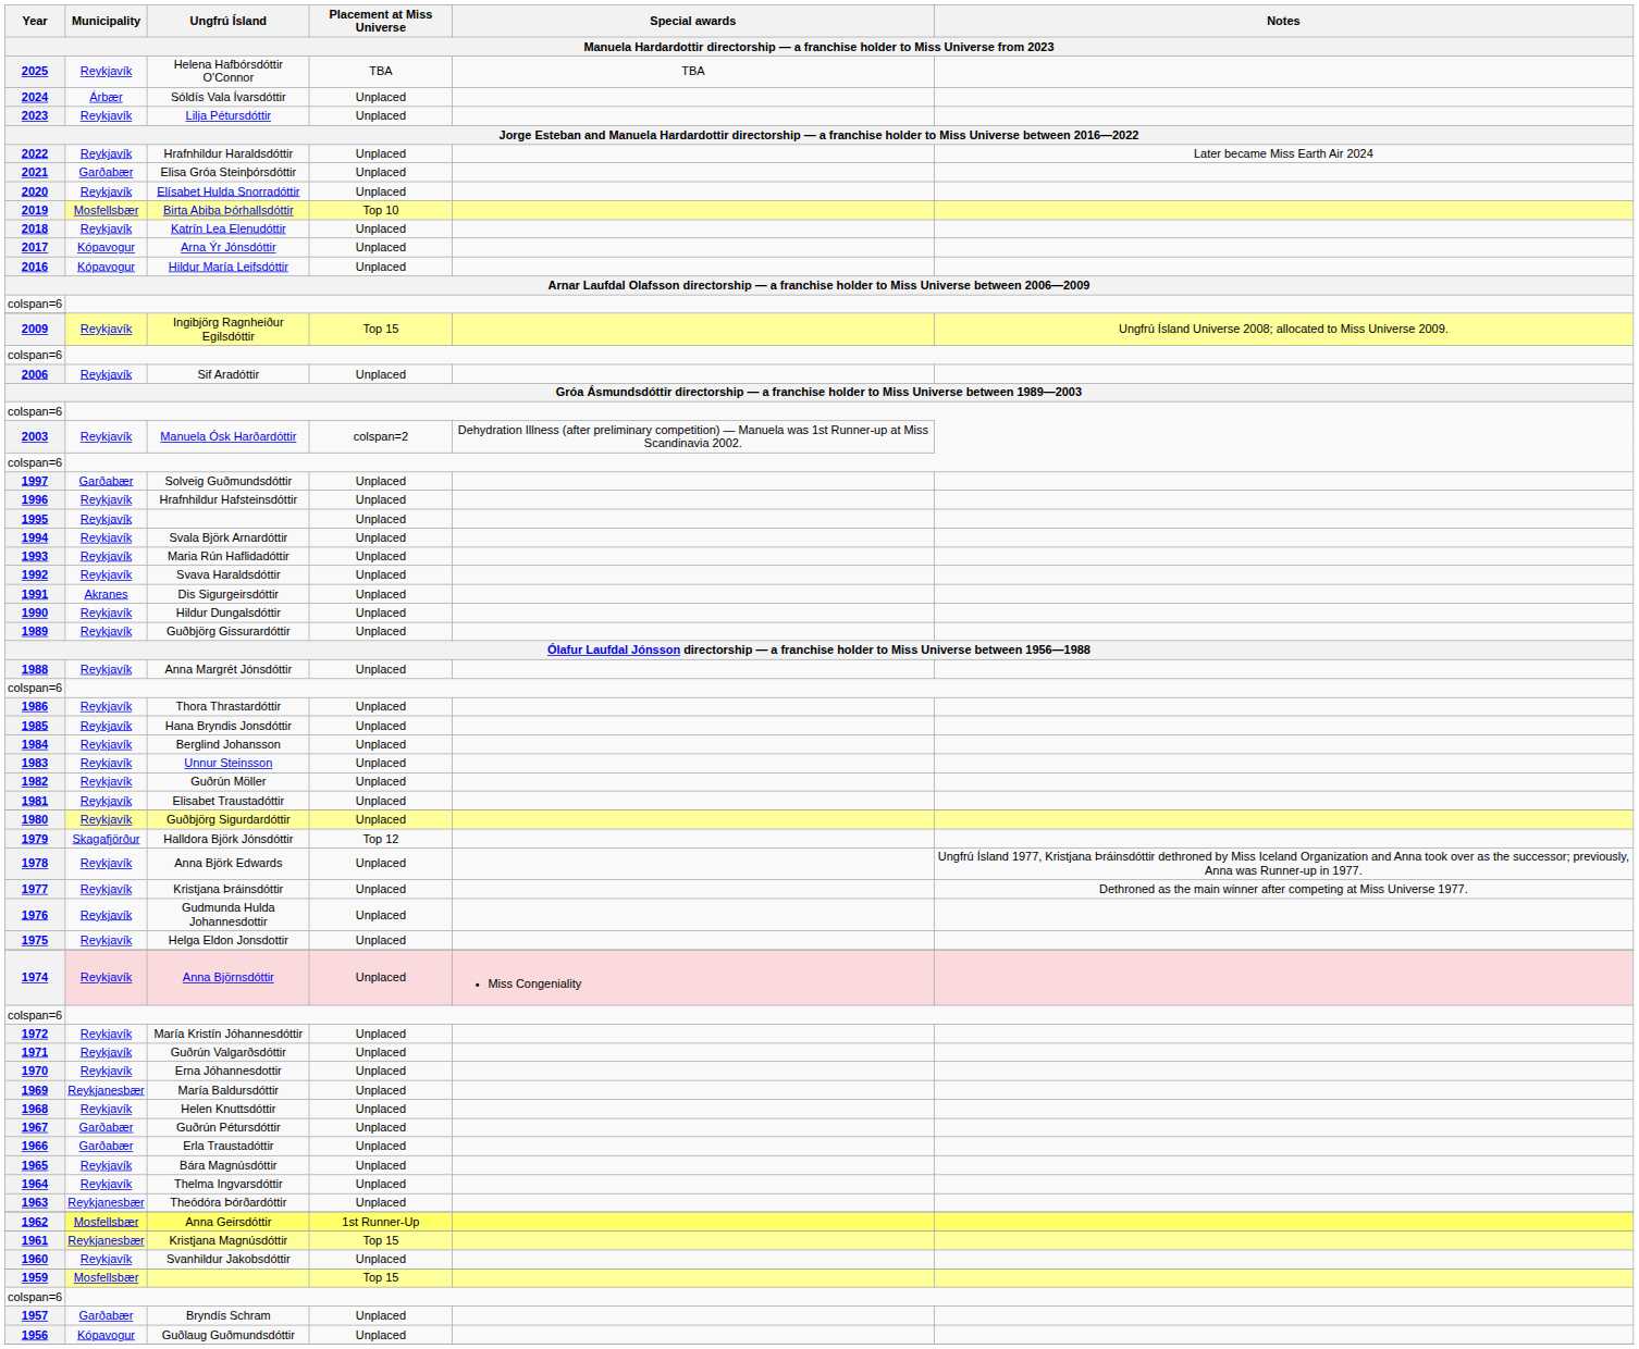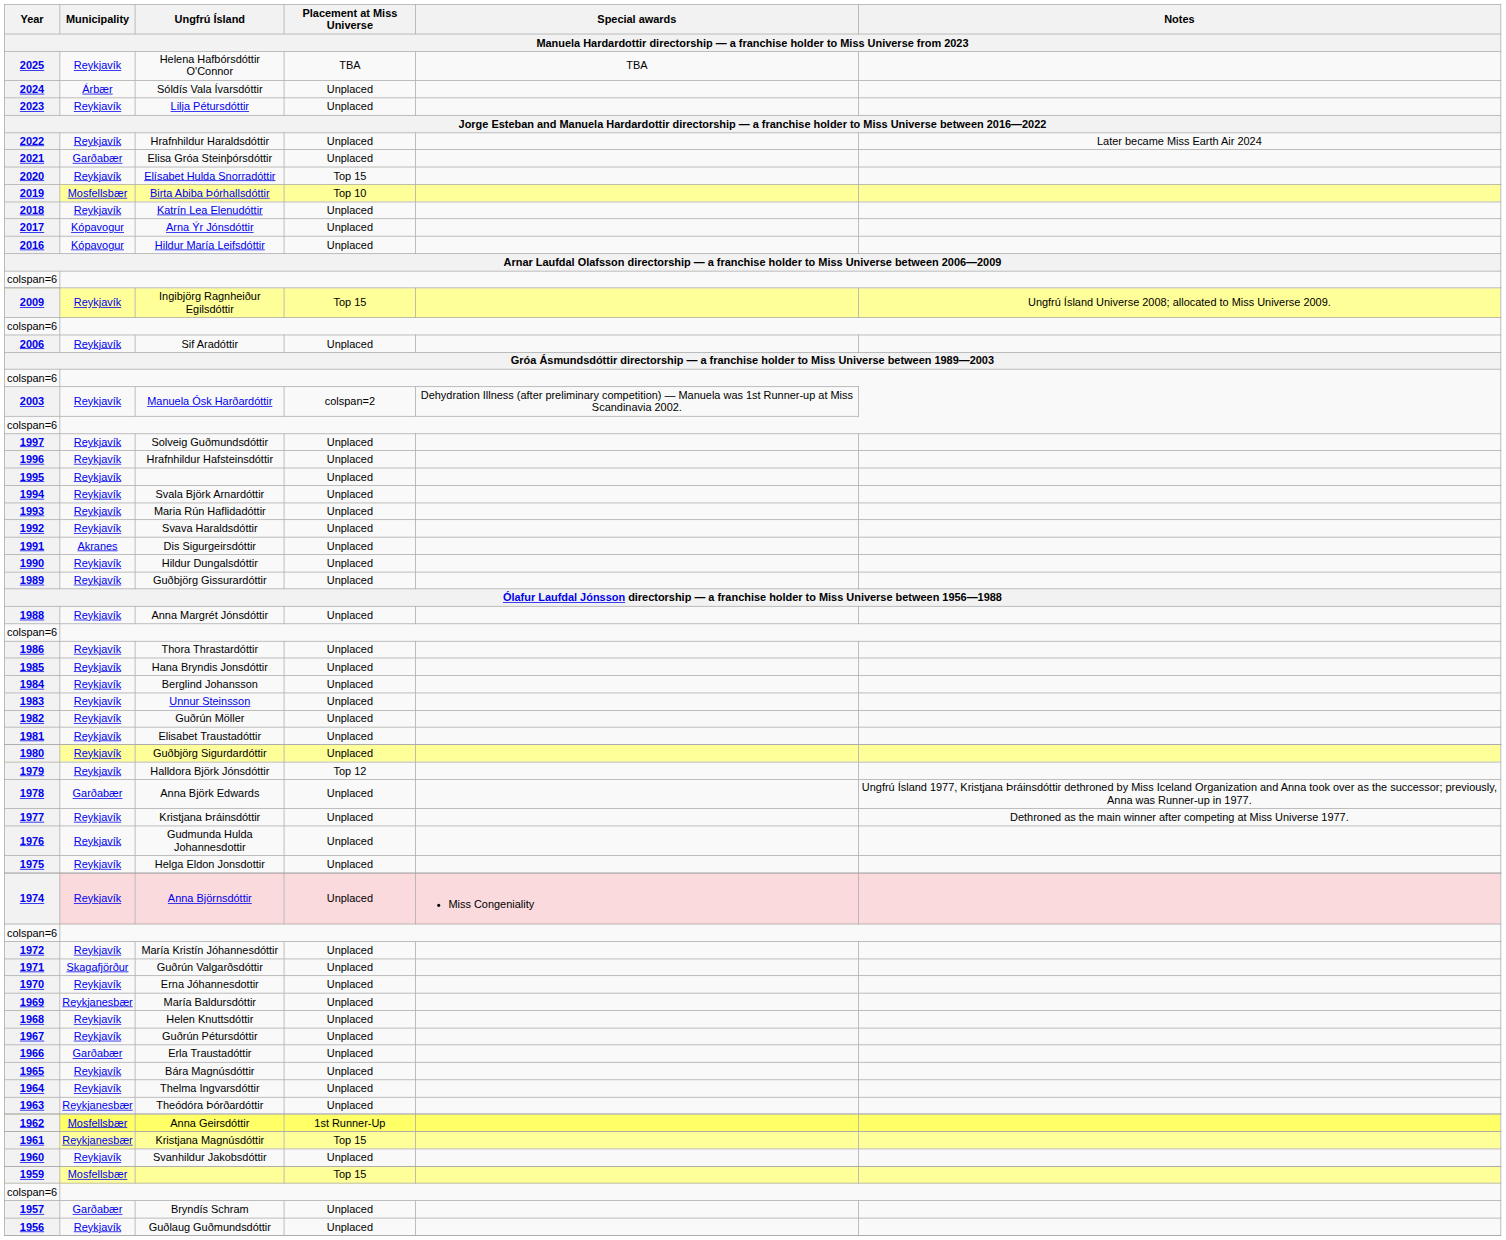 <table class="wikitable " style="font-size: 90%; text-align:center;">
 <tr>
 <th>Year</th>
 <th>Municipality</th>
 <th>Ungfrú Ísland</th>
 <th>Placement at Miss Universe</th>
 <th>Special awards</th>
 <th>Notes</th>
 </tr>
 <tr>
 <th colspan="6">Manuela Hardardottir directorship — a franchise holder to Miss Universe from 2023</th>
 </tr>
 <tr>
 <th><a href='#'>2025</a></th>
 <td><a href='#'>Reykjavík</a></td>
 <td>Helena Hafbórsdóttir O'Connor</td>
 <td>TBA</td>
 <td>TBA</td>
 <td></td>
 </tr>
 <tr>
 <th><a href='#'>2024</a></th>
 <td><a href='#'>Árbær</a></td>
 <td>Sóldís Vala Ívarsdóttir</td>
 <td>Unplaced</td>
 <td></td>
 <td></td>
 </tr>
 <tr>
 <th><a href='#'>2023</a></th>
 <td><a href='#'>Reykjavík</a></td>
 <td><a href='#'>Lilja Pétursdóttir</a></td>
 <td>Unplaced</td>
 <td></td>
 <td></td>
 </tr>
 <tr>
 <th colspan="6">Jorge Esteban and Manuela Hardardottir directorship — a franchise holder to Miss Universe between 2016―2022</th>
 </tr>
 <tr>
 <th><a href='#'>2022</a></th>
 <td><a href='#'>Reykjavík</a></td>
 <td>Hrafnhildur Haraldsdóttir</td>
 <td>Unplaced</td>
 <td></td>
 <td>Later became Miss Earth Air 2024</td>
 </tr>
 <tr>
 <th><a href='#'>2021</a></th>
 <td><a href='#'>Garðabær</a></td>
 <td>Elisa Gróa Steinþórsdóttir</td>
 <td>Unplaced</td>
 <td></td>
 <td></td>
 </tr>
 <tr>
 <th><a href='#'>2020</a></th>
 <td><a href='#'>Reykjavík</a></td>
 <td><a href='#'>Elísabet Hulda Snorradóttir</a></td>
-<td>Unplaced</td>
+<td>Top 15</td>
 <td></td>
 <td></td>
 </tr>
 <tr style="background-color:#FFFF99;">
 <th><a href='#'>2019</a></th>
 <td><a href='#'>Mosfellsbær</a></td>
 <td><a href='#'>Birta Abiba Þórhallsdóttir</a></td>
 <td>Top 10</td>
 <td></td>
 <td></td>
 </tr>
 <tr>
 <th><a href='#'>2018</a></th>
 <td><a href='#'>Reykjavík</a></td>
 <td><a href='#'>Katrín Lea Elenudóttir</a></td>
 <td>Unplaced</td>
 <td></td>
 <td></td>
 </tr>
 <tr>
 <th><a href='#'>2017</a></th>
 <td><a href='#'>Kópavogur</a></td>
 <td><a href='#'>Arna Ýr Jónsdóttir</a></td>
 <td>Unplaced</td>
 <td></td>
 <td></td>
 </tr>
 <tr>
 <th><a href='#'>2016</a></th>
 <td><a href='#'>Kópavogur</a></td>
 <td><a href='#'>Hildur María Leifsdóttir</a></td>
 <td>Unplaced</td>
 <td></td>
 <td></td>
 </tr>
 <tr>
 <th colspan="6">Arnar Laufdal Olafsson directorship — a franchise holder to Miss Universe between 2006―2009</th>
 </tr>
 <tr>
 <td>colspan=6 </td>
 </tr>
 <tr>
 </tr>
 <tr style="background-color:#FFFF99;">
 <th><a href='#'>2009</a></th>
 <td><a href='#'>Reykjavík</a></td>
 <td>Ingibjörg Ragnheiður Egilsdóttir</td>
 <td>Top 15</td>
 <td></td>
 <td>Ungfrú Ísland Universe 2008; allocated to Miss Universe 2009.</td>
 </tr>
 <tr>
 <td>colspan=6 </td>
 </tr>
 <tr>
 <th><a href='#'>2006</a></th>
 <td><a href='#'>Reykjavík</a></td>
 <td>Sif Aradóttir</td>
 <td>Unplaced</td>
 <td></td>
 <td></td>
 </tr>
 <tr>
 <th colspan="6">Gróa Ásmundsdóttir directorship — a franchise holder to Miss Universe between 1989―2003</th>
 </tr>
 <tr>
 <td>colspan=6 </td>
 </tr>
 <tr>
 <th><a href='#'>2003</a></th>
 <td><a href='#'>Reykjavík</a></td>
 <td><a href='#'>Manuela Ósk Harðardóttir</a></td>
 <td>colspan=2 </td>
 <td>Dehydration Illness (after preliminary competition) — Manuela was 1st Runner-up at Miss Scandinavia 2002.</td>
 </tr>
 <tr>
 <td>colspan=6 </td>
 </tr>
 <tr>
 <th><a href='#'>1997</a></th>
-<td><a href='#'>Garðabær</a></td>
+<td><a href='#'>Reykjavík</a></td>
 <td>Solveig Guðmundsdóttir</td>
 <td>Unplaced</td>
 <td></td>
 <td></td>
 </tr>
 <tr>
 <th><a href='#'>1996</a></th>
 <td><a href='#'>Reykjavík</a></td>
 <td>Hrafnhildur Hafsteinsdóttir</td>
 <td>Unplaced</td>
 <td></td>
 <td></td>
 </tr>
 <tr>
 <th><a href='#'>1995</a></th>
 <td><a href='#'>Reykjavík</a></td>
 <td></td>
 <td>Unplaced</td>
 <td></td>
 <td></td>
 </tr>
 <tr>
 <th><a href='#'>1994</a></th>
 <td><a href='#'>Reykjavík</a></td>
 <td>Svala Björk Arnardóttir</td>
 <td>Unplaced</td>
 <td></td>
 <td></td>
 </tr>
 <tr>
 <th><a href='#'>1993</a></th>
 <td><a href='#'>Reykjavík</a></td>
 <td>Maria Rún Haflidadóttir</td>
 <td>Unplaced</td>
 <td></td>
 <td></td>
 </tr>
 <tr>
 <th><a href='#'>1992</a></th>
 <td><a href='#'>Reykjavík</a></td>
 <td>Svava Haraldsdóttir</td>
 <td>Unplaced</td>
 <td></td>
 <td></td>
 </tr>
 <tr>
 <th><a href='#'>1991</a></th>
 <td><a href='#'>Akranes</a></td>
 <td>Dis Sigurgeirsdóttir</td>
 <td>Unplaced</td>
 <td></td>
 <td></td>
 </tr>
 <tr>
 <th><a href='#'>1990</a></th>
 <td><a href='#'>Reykjavík</a></td>
 <td>Hildur Dungalsdóttir</td>
 <td>Unplaced</td>
 <td></td>
 <td></td>
 </tr>
 <tr>
 <th><a href='#'>1989</a></th>
 <td><a href='#'>Reykjavík</a></td>
 <td>Guðbjörg Gissurardóttir</td>
 <td>Unplaced</td>
 <td></td>
 <td></td>
 </tr>
 <tr>
 <th colspan="6"><a href='#'>Ólafur Laufdal Jónsson</a> directorship — a franchise holder to Miss Universe between 1956―1988</th>
 </tr>
 <tr>
 <th><a href='#'>1988</a></th>
 <td><a href='#'>Reykjavík</a></td>
 <td>Anna Margrét Jónsdóttir</td>
 <td>Unplaced</td>
 <td></td>
 <td></td>
 </tr>
 <tr>
 <td>colspan=6 </td>
 </tr>
 <tr>
 <th><a href='#'>1986</a></th>
 <td><a href='#'>Reykjavík</a></td>
 <td>Thora Thrastardóttir</td>
 <td>Unplaced</td>
 <td></td>
 <td></td>
 </tr>
 <tr>
 <th><a href='#'>1985</a></th>
 <td><a href='#'>Reykjavík</a></td>
 <td>Hana Bryndis Jonsdóttir</td>
 <td>Unplaced</td>
 <td></td>
 <td></td>
 </tr>
 <tr>
 <th><a href='#'>1984</a></th>
 <td><a href='#'>Reykjavík</a></td>
 <td>Berglind Johansson</td>
 <td>Unplaced</td>
 <td></td>
 <td></td>
 </tr>
 <tr>
 <th><a href='#'>1983</a></th>
 <td><a href='#'>Reykjavík</a></td>
 <td><a href='#'>Unnur Steinsson</a></td>
 <td>Unplaced</td>
 <td></td>
 <td></td>
 </tr>
 <tr>
 <th><a href='#'>1982</a></th>
 <td><a href='#'>Reykjavík</a></td>
 <td>Guðrún Möller</td>
 <td>Unplaced</td>
 <td></td>
 <td></td>
 </tr>
 <tr>
 <th><a href='#'>1981</a></th>
 <td><a href='#'>Reykjavík</a></td>
 <td>Elisabet Traustadóttir</td>
 <td>Unplaced</td>
 <td></td>
 <td></td>
 </tr>
 <tr>
 </tr>
 <tr style="background-color:#FFFF99;">
 <th><a href='#'>1980</a></th>
 <td><a href='#'>Reykjavík</a></td>
 <td>Guðbjörg Sigurdardóttir</td>
 <td>Unplaced</td>
 <td></td>
 <td></td>
 </tr>
 <tr>
 <th><a href='#'>1979</a></th>
-<td><a href='#'>Skagafjörður</a></td>
+<td><a href='#'>Reykjavík</a></td>
 <td>Halldora Björk Jónsdóttir</td>
 <td>Top 12</td>
 <td></td>
 <td></td>
 </tr>
 <tr>
 <th><a href='#'>1978</a></th>
-<td><a href='#'>Reykjavík</a></td>
+<td><a href='#'>Garðabær</a></td>
 <td>Anna Björk Edwards</td>
 <td>Unplaced</td>
 <td></td>
 <td>Ungfrú Ísland 1977, Kristjana Þráinsdóttir dethroned by Miss Iceland Organization and Anna took over as the successor; previously, Anna was Runner-up in 1977.</td>
 </tr>
 <tr>
 <th><a href='#'>1977</a></th>
 <td><a href='#'>Reykjavík</a></td>
 <td>Kristjana Þráinsdóttir</td>
 <td>Unplaced</td>
 <td></td>
 <td>Dethroned as the main winner after competing at Miss Universe 1977.</td>
 </tr>
 <tr>
 <th><a href='#'>1976</a></th>
 <td><a href='#'>Reykjavík</a></td>
 <td>Gudmunda Hulda Johannesdottir</td>
 <td>Unplaced</td>
 <td></td>
 <td></td>
 </tr>
 <tr>
 <th><a href='#'>1975</a></th>
 <td><a href='#'>Reykjavík</a></td>
 <td>Helga Eldon Jonsdottir</td>
 <td>Unplaced</td>
 <td></td>
 <td></td>
 </tr>
 <tr>
 </tr>
 <tr style="background-color:#FADADD; ">
 <th><a href='#'>1974</a></th>
 <td><a href='#'>Reykjavík</a></td>
 <td><a href='#'>Anna Björnsdóttir</a></td>
 <td>Unplaced</td>
 <td align="left"><br><ul><li>Miss Congeniality</li></ul></td>
 <td></td>
 </tr>
 <tr>
 <td>colspan=6 </td>
 </tr>
 <tr>
 <th><a href='#'>1972</a></th>
 <td><a href='#'>Reykjavík</a></td>
 <td>María Kristín Jóhannesdóttir</td>
 <td>Unplaced</td>
 <td></td>
 <td></td>
 </tr>
 <tr>
 <th><a href='#'>1971</a></th>
-<td><a href='#'>Reykjavík</a></td>
+<td><a href='#'>Skagafjörður</a></td>
 <td>Guðrún Valgarðsdóttir</td>
 <td>Unplaced</td>
 <td></td>
 <td></td>
 </tr>
 <tr>
 <th><a href='#'>1970</a></th>
 <td><a href='#'>Reykjavík</a></td>
 <td>Erna Jóhannesdottir</td>
 <td>Unplaced</td>
 <td></td>
 <td></td>
 </tr>
 <tr>
 <th><a href='#'>1969</a></th>
 <td><a href='#'>Reykjanesbær</a></td>
 <td>María Baldursdóttir</td>
 <td>Unplaced</td>
 <td></td>
 <td></td>
 </tr>
 <tr>
 <th><a href='#'>1968</a></th>
 <td><a href='#'>Reykjavík</a></td>
 <td>Helen Knuttsdóttir</td>
 <td>Unplaced</td>
 <td></td>
 <td></td>
 </tr>
 <tr>
 <th><a href='#'>1967</a></th>
-<td><a href='#'>Garðabær</a></td>
+<td><a href='#'>Reykjavík</a></td>
 <td>Guðrún Pétursdóttir</td>
 <td>Unplaced</td>
 <td></td>
 <td></td>
 </tr>
 <tr>
 <th><a href='#'>1966</a></th>
 <td><a href='#'>Garðabær</a></td>
 <td>Erla Traustadóttir</td>
 <td>Unplaced</td>
 <td></td>
 <td></td>
 </tr>
 <tr>
 <th><a href='#'>1965</a></th>
 <td><a href='#'>Reykjavík</a></td>
 <td>Bára Magnúsdóttir</td>
 <td>Unplaced</td>
 <td></td>
 <td></td>
 </tr>
 <tr>
 <th><a href='#'>1964</a></th>
 <td><a href='#'>Reykjavík</a></td>
 <td>Thelma Ingvarsdóttir</td>
 <td>Unplaced</td>
 <td></td>
 <td></td>
 </tr>
 <tr>
 <th><a href='#'>1963</a></th>
 <td><a href='#'>Reykjanesbær</a></td>
 <td>Theódóra Þórðardóttir</td>
 <td>Unplaced</td>
 <td></td>
 <td></td>
 </tr>
 <tr>
 </tr>
 <tr style="background-color:#FFFF66;">
 <th><a href='#'>1962</a></th>
 <td><a href='#'>Mosfellsbær</a></td>
 <td>Anna Geirsdóttir</td>
 <td>1st Runner-Up</td>
 <td></td>
 <td></td>
 </tr>
 <tr>
 </tr>
 <tr style="background-color:#FFFF99;">
 <th><a href='#'>1961</a></th>
 <td><a href='#'>Reykjanesbær</a></td>
 <td>Kristjana Magnúsdóttir</td>
 <td>Top 15</td>
 <td></td>
 <td></td>
 </tr>
 <tr>
 <th><a href='#'>1960</a></th>
 <td><a href='#'>Reykjavík</a></td>
 <td>Svanhildur Jakobsdóttir</td>
 <td>Unplaced</td>
 <td></td>
 <td></td>
 </tr>
 <tr>
 </tr>
 <tr style="background-color:#FFFF99;">
 <th><a href='#'>1959</a></th>
 <td><a href='#'>Mosfellsbær</a></td>
 <td></td>
 <td>Top 15</td>
 <td></td>
 <td></td>
 </tr>
 <tr>
 <td>colspan=6 </td>
 </tr>
 <tr>
 <th><a href='#'>1957</a></th>
 <td><a href='#'>Garðabær</a></td>
 <td>Bryndís Schram</td>
 <td>Unplaced</td>
 <td></td>
 <td></td>
 </tr>
 <tr>
 <th><a href='#'>1956</a></th>
-<td><a href='#'>Kópavogur</a></td>
+<td><a href='#'>Reykjavík</a></td>
 <td>Guðlaug Guðmundsdóttir</td>
 <td>Unplaced</td>
 <td></td>
 <td></td>
 </tr>
 <tr>
 </tr>
 </table>
